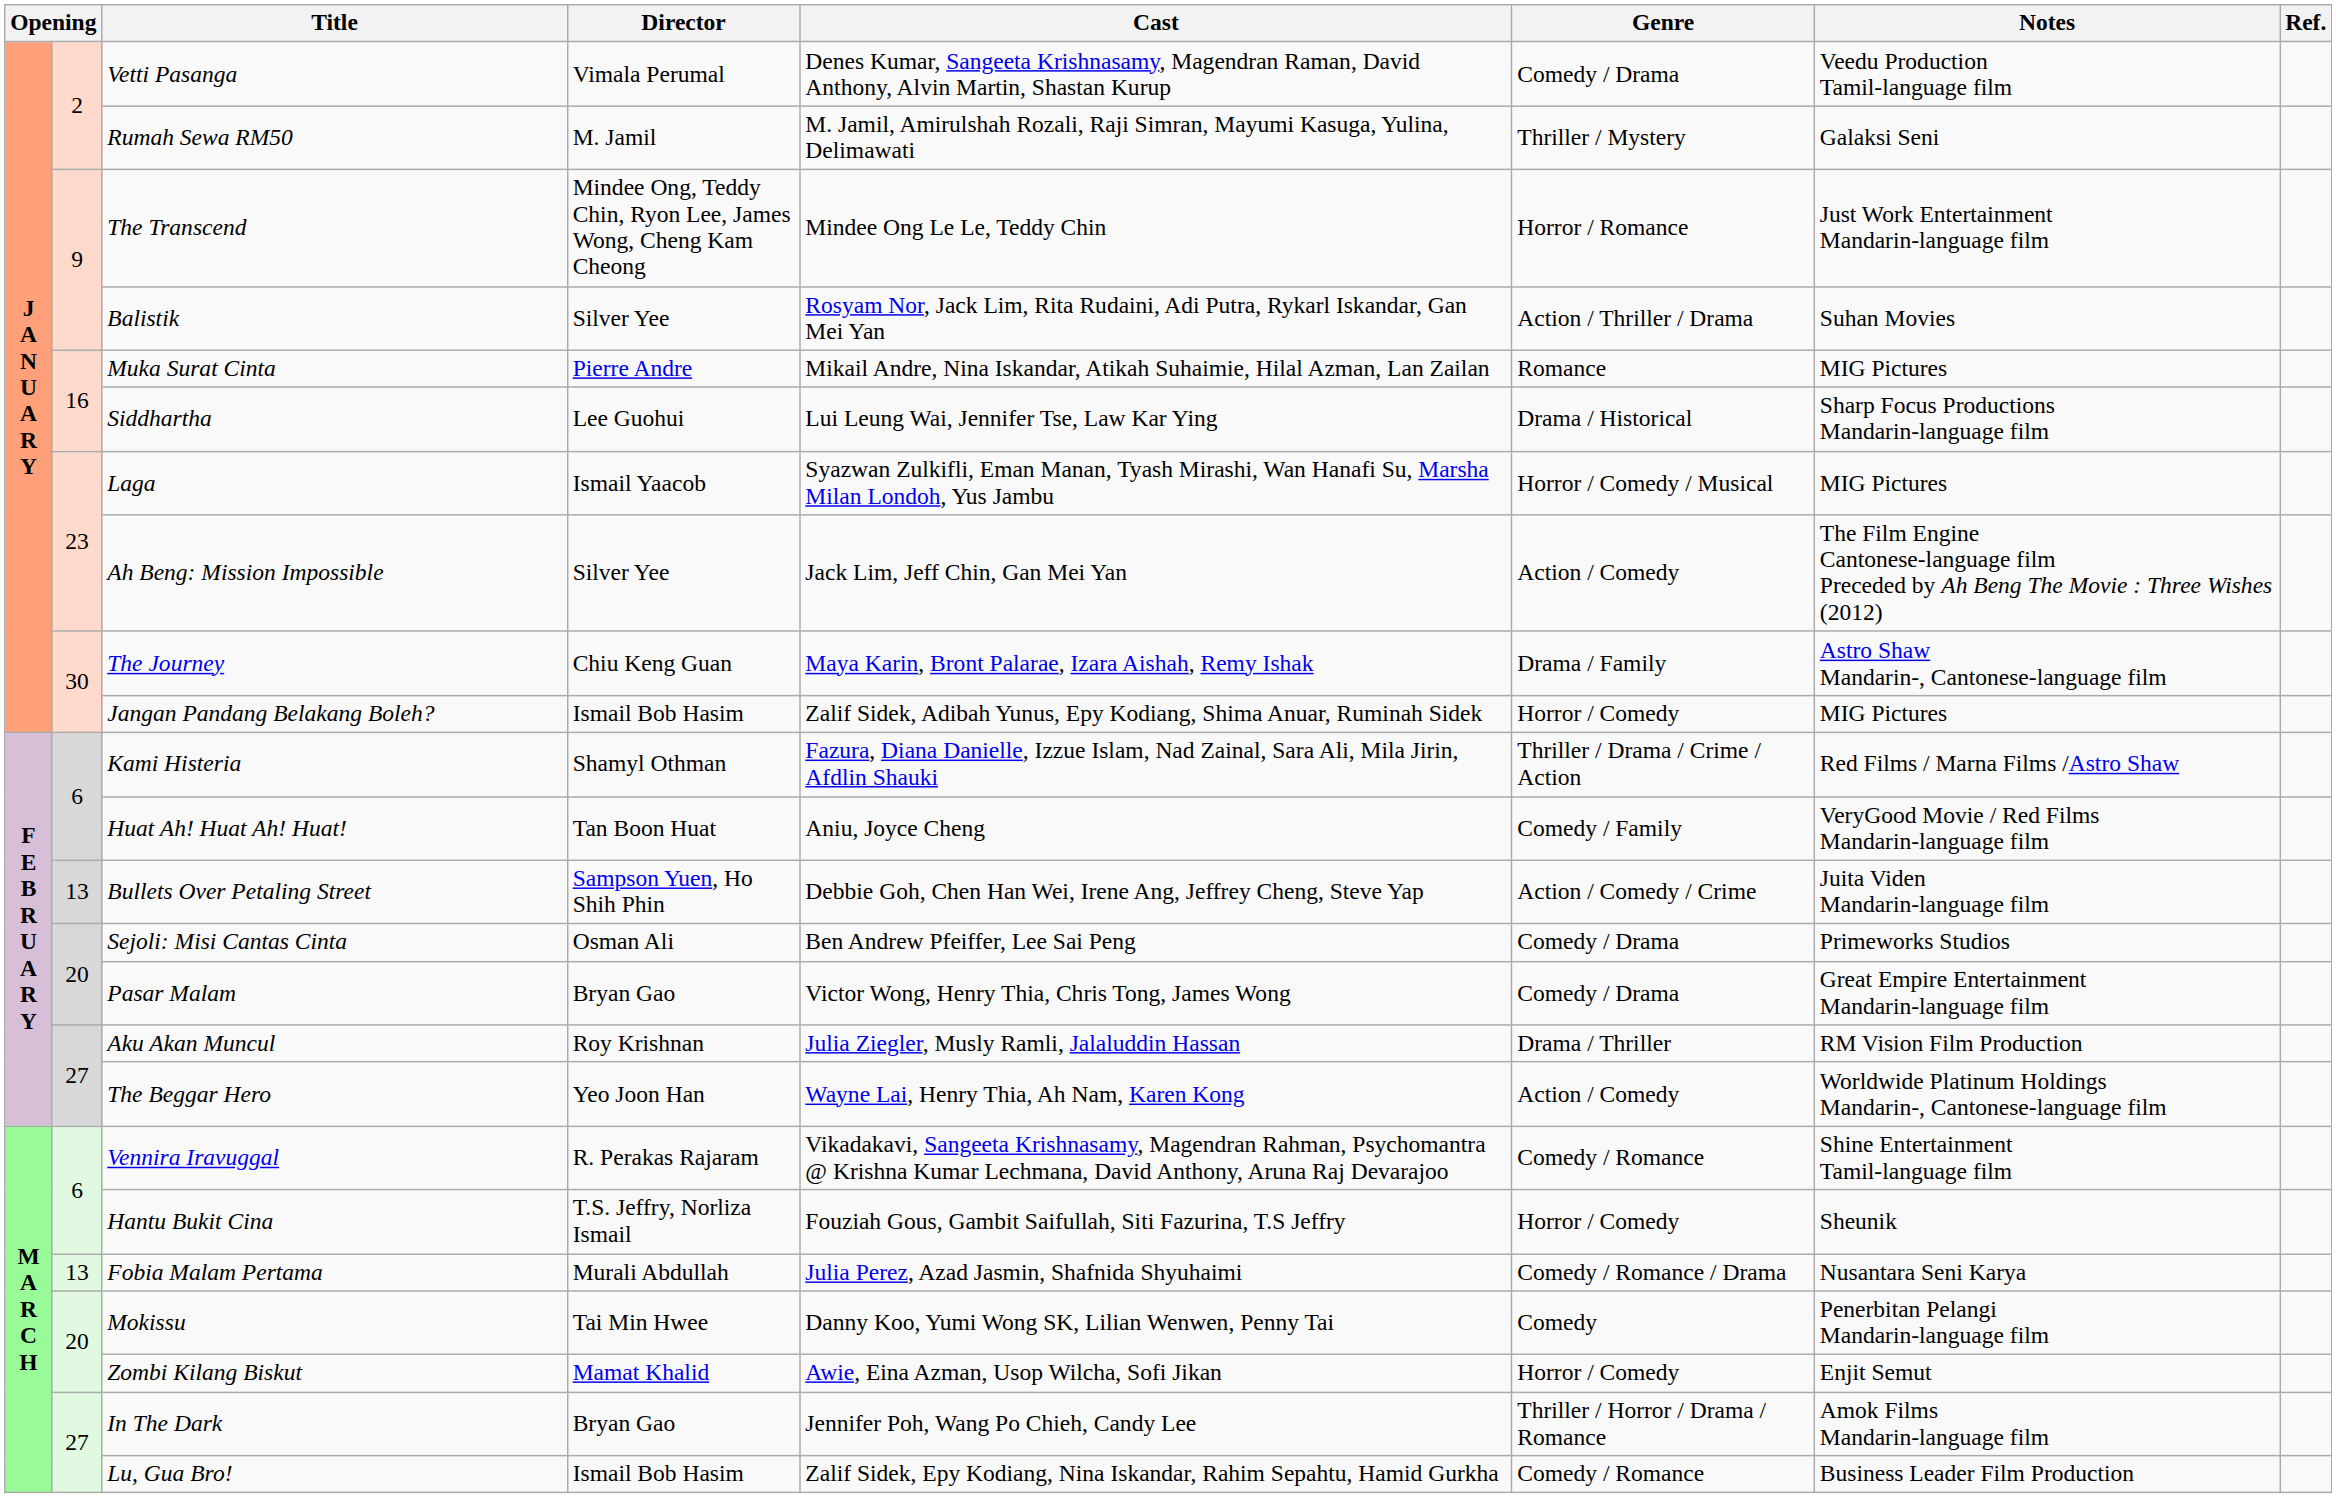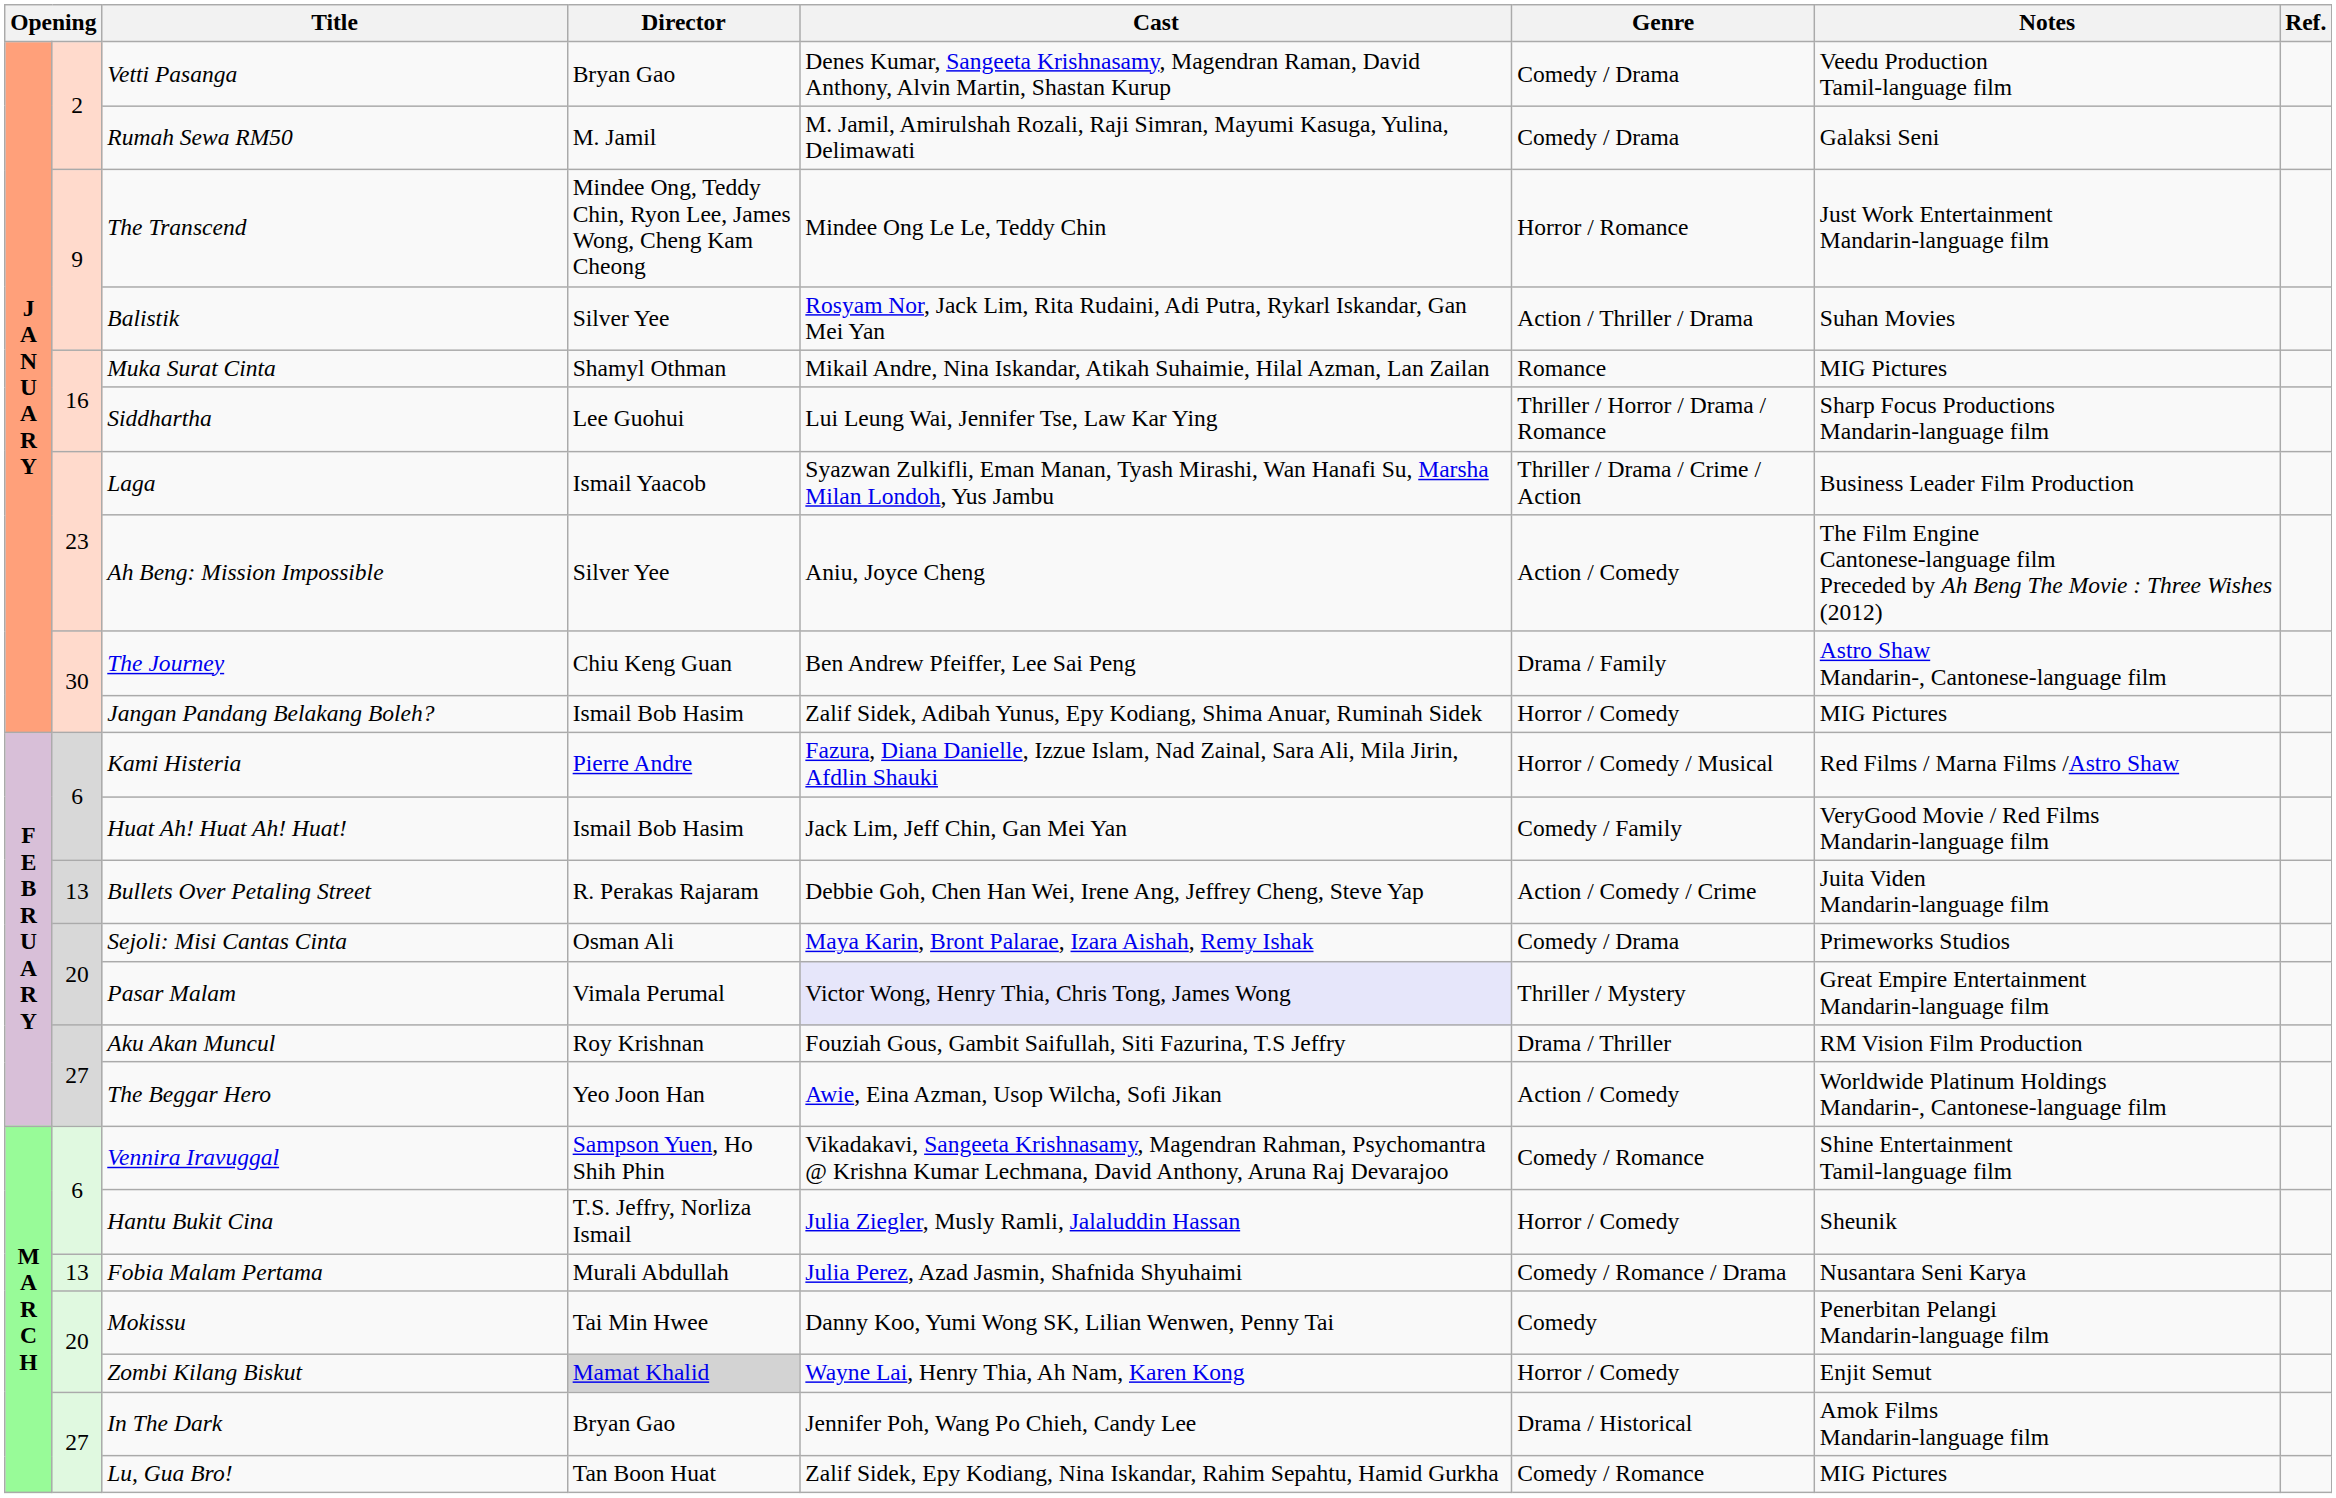 <table class="wikitable" width="100%">
 <tr>
 <th colspan="2">Opening</th>
 <th style="width:20%;">Title</th>
 <th style="width:10%;">Director</th>
 <th>Cast</th>
 <th style="width:13%">Genre</th>
 <th style="width:20%">Notes</th>
 <th>Ref.</th>
 </tr>
 <tr>
 <th rowspan=10 style="text-align:center; background:#ffa07a;">J<br>A<br>N<br>U<br>A<br>R<br>Y</th>
 <td rowspan=2 style="text-align:center; background:#ffdacc;">2</td>
 <td><em>Vetti Pasanga</em></td>
-<td>Vimala Perumal</td>
+<td>Bryan Gao</td>
 <td>Denes Kumar, <a href='#'>Sangeeta Krishnasamy</a>, Magendran Raman, David Anthony, Alvin Martin, Shastan Kurup</td>
 <td>Comedy / Drama</td>
 <td>Veedu Production<br>Tamil-language film</td>
 <td></td>
 </tr>
 <tr>
 <td><em>Rumah Sewa RM50</em></td>
 <td>M. Jamil</td>
 <td>M. Jamil, Amirulshah Rozali, Raji Simran, Mayumi Kasuga, Yulina, Delimawati</td>
-<td>Thriller / Mystery</td>
+<td>Comedy / Drama</td>
 <td>Galaksi Seni</td>
 <td></td>
 </tr>
 <tr>
 <td rowspan=2 style="text-align:center; background:#ffdacc;">9</td>
 <td><em>The Transcend</em></td>
 <td>Mindee Ong, Teddy Chin, Ryon Lee, James Wong, Cheng Kam Cheong</td>
 <td>Mindee Ong Le Le, Teddy Chin</td>
 <td>Horror / Romance</td>
 <td>Just Work Entertainment<br>Mandarin-language film</td>
 <td></td>
 </tr>
 <tr>
 <td><em>Balistik</em></td>
 <td>Silver Yee</td>
 <td><a href='#'>Rosyam Nor</a>, Jack Lim, Rita Rudaini, Adi Putra, Rykarl Iskandar, Gan Mei Yan</td>
 <td>Action / Thriller / Drama</td>
 <td>Suhan Movies</td>
 <td></td>
 </tr>
 <tr>
 <td rowspan=2 style="text-align:center; background:#ffdacc;">16</td>
 <td><em>Muka Surat Cinta</em></td>
-<td><a href='#'>Pierre Andre</a></td>
+<td>Shamyl Othman</td>
 <td>Mikail Andre, Nina Iskandar, Atikah Suhaimie, Hilal Azman, Lan Zailan</td>
 <td>Romance</td>
 <td>MIG Pictures</td>
 <td></td>
 </tr>
 <tr>
 <td><em>Siddhartha</em></td>
 <td>Lee Guohui</td>
 <td>Lui Leung Wai, Jennifer Tse, Law Kar Ying</td>
-<td>Drama / Historical</td>
+<td>Thriller / Horror / Drama / Romance</td>
 <td>Sharp Focus Productions<br>Mandarin-language film</td>
 <td></td>
 </tr>
 <tr>
 <td rowspan=2 style="text-align:center; background:#ffdacc;">23</td>
 <td><em>Laga</em></td>
 <td>Ismail Yaacob</td>
 <td>Syazwan Zulkifli, Eman Manan, Tyash Mirashi, Wan Hanafi Su, <a href='#'>Marsha Milan Londoh</a>, Yus Jambu</td>
-<td>Horror / Comedy / Musical</td>
-<td>MIG Pictures</td>
+<td>Thriller / Drama / Crime / Action</td>
+<td>Business Leader Film Production</td>
 <td></td>
 </tr>
 <tr>
 <td><em>Ah Beng: Mission Impossible</em></td>
 <td>Silver Yee</td>
-<td>Jack Lim, Jeff Chin, Gan Mei Yan</td>
+<td>Aniu, Joyce Cheng</td>
 <td>Action / Comedy</td>
 <td>The Film Engine<br>Cantonese-language film<br>Preceded by <em>Ah Beng The Movie : Three Wishes</em> (2012)</td>
 <td></td>
 </tr>
 <tr>
 <td rowspan=2 style="text-align:center; background:#ffdacc;">30</td>
 <td><em><a href='#'>The Journey</a></em></td>
 <td>Chiu Keng Guan</td>
-<td><a href='#'>Maya Karin</a>, <a href='#'>Bront Palarae</a>, <a href='#'>Izara Aishah</a>, <a href='#'>Remy Ishak</a></td>
+<td>Ben Andrew Pfeiffer, Lee Sai Peng</td>
 <td>Drama / Family</td>
 <td><a href='#'>Astro Shaw</a><br>Mandarin-, Cantonese-language film</td>
 <td></td>
 </tr>
 <tr>
 <td><em>Jangan Pandang Belakang Boleh?</em></td>
 <td>Ismail Bob Hasim</td>
 <td>Zalif Sidek, Adibah Yunus, Epy Kodiang, Shima Anuar, Ruminah Sidek</td>
 <td>Horror / Comedy</td>
 <td>MIG Pictures</td>
 <td></td>
 </tr>
 <tr>
 <th rowspan=7 style="text-align:center; background:thistle;">F<br>E<br>B<br>R<br>U<br>A<br>R<br>Y</th>
 <td rowspan=2 style="text-align:center; background:#d8d8d8;">6</td>
 <td><em>Kami Histeria</em></td>
-<td>Shamyl Othman</td>
+<td><a href='#'>Pierre Andre</a></td>
 <td><a href='#'>Fazura</a>, <a href='#'>Diana Danielle</a>, Izzue Islam, Nad Zainal, Sara Ali, Mila Jirin, <a href='#'>Afdlin Shauki</a></td>
-<td>Thriller / Drama / Crime / Action</td>
+<td>Horror / Comedy / Musical</td>
 <td>Red Films / Marna Films /<a href='#'>Astro Shaw</a></td>
 <td></td>
 </tr>
 <tr>
 <td><em>Huat Ah! Huat Ah! Huat!</em></td>
-<td>Tan Boon Huat</td>
-<td>Aniu, Joyce Cheng</td>
+<td>Ismail Bob Hasim</td>
+<td>Jack Lim, Jeff Chin, Gan Mei Yan</td>
 <td>Comedy / Family</td>
 <td>VeryGood Movie / Red Films<br>Mandarin-language film</td>
 <td></td>
 </tr>
 <tr>
 <td rowspan=1 style="text-align:center; background:#d8d8d8;">13</td>
 <td><em>Bullets Over Petaling Street</em></td>
-<td><a href='#'>Sampson Yuen</a>, Ho Shih Phin</td>
+<td>R. Perakas Rajaram</td>
 <td>Debbie Goh, Chen Han Wei, Irene Ang, Jeffrey Cheng, Steve Yap</td>
 <td>Action / Comedy / Crime</td>
 <td>Juita Viden<br>Mandarin-language film</td>
 <td></td>
 </tr>
 <tr>
 <td rowspan=2 style="text-align:center; background:#d8d8d8;">20</td>
 <td><em>Sejoli: Misi Cantas Cinta</em></td>
 <td>Osman Ali</td>
-<td>Ben Andrew Pfeiffer, Lee Sai Peng</td>
+<td><a href='#'>Maya Karin</a>, <a href='#'>Bront Palarae</a>, <a href='#'>Izara Aishah</a>, <a href='#'>Remy Ishak</a></td>
 <td>Comedy / Drama</td>
 <td>Primeworks Studios</td>
 <td></td>
 </tr>
 <tr>
 <td><em>Pasar Malam</em></td>
-<td>Bryan Gao</td>
-<td>Victor Wong, Henry Thia, Chris Tong, James Wong</td>
-<td>Comedy / Drama</td>
+<td>Vimala Perumal</td>
+<td style="background: lavender;">Victor Wong, Henry Thia, Chris Tong, James Wong</td>
+<td>Thriller / Mystery</td>
 <td>Great Empire Entertainment<br>Mandarin-language film</td>
 <td></td>
 </tr>
 <tr>
 <td rowspan=2 style="text-align:center; background:#d8d8d8;">27</td>
 <td><em>Aku Akan Muncul</em></td>
 <td>Roy Krishnan</td>
-<td><a href='#'>Julia Ziegler</a>, Musly Ramli, <a href='#'>Jalaluddin Hassan</a></td>
+<td>Fouziah Gous, Gambit Saifullah, Siti Fazurina, T.S Jeffry</td>
 <td>Drama / Thriller</td>
 <td>RM Vision Film Production</td>
 <td></td>
 </tr>
 <tr>
 <td><em>The Beggar Hero</em></td>
 <td>Yeo Joon Han</td>
-<td><a href='#'>Wayne Lai</a>, Henry Thia, Ah Nam, <a href='#'>Karen Kong</a></td>
+<td><a href='#'>Awie</a>, Eina Azman, Usop Wilcha, Sofi Jikan</td>
 <td>Action / Comedy</td>
 <td>Worldwide Platinum Holdings<br>Mandarin-, Cantonese-language film</td>
 <td></td>
 </tr>
 <tr>
 <th rowspan=7 style="text-align:center; background:#98fb98;">M<br>A<br>R<br>C<br>H</th>
 <td rowspan=2 style="text-align:center; background:#e0f9e0;">6</td>
 <td><em><a href='#'>Vennira Iravuggal</a></em></td>
-<td>R. Perakas Rajaram</td>
+<td><a href='#'>Sampson Yuen</a>, Ho Shih Phin</td>
 <td>Vikadakavi, <a href='#'>Sangeeta Krishnasamy</a>, Magendran Rahman, Psychomantra @ Krishna Kumar Lechmana, David Anthony, Aruna Raj Devarajoo</td>
 <td>Comedy / Romance</td>
 <td>Shine Entertainment<br>Tamil-language film</td>
 <td></td>
 </tr>
 <tr>
 <td><em>Hantu Bukit Cina</em></td>
 <td>T.S. Jeffry, Norliza Ismail</td>
-<td>Fouziah Gous, Gambit Saifullah, Siti Fazurina, T.S Jeffry</td>
+<td><a href='#'>Julia Ziegler</a>, Musly Ramli, <a href='#'>Jalaluddin Hassan</a></td>
 <td>Horror / Comedy</td>
 <td>Sheunik</td>
 <td></td>
 </tr>
 <tr>
 <td rowspan=1 style="text-align:center; background:#e0f9e0;">13</td>
 <td><em>Fobia Malam Pertama</em></td>
 <td>Murali Abdullah</td>
 <td><a href='#'>Julia Perez</a>, Azad Jasmin, Shafnida Shyuhaimi</td>
 <td>Comedy / Romance / Drama</td>
 <td>Nusantara Seni Karya</td>
 <td></td>
 </tr>
 <tr>
 <td rowspan=2 style="text-align:center; background:#e0f9e0;">20</td>
 <td><em>Mokissu</em></td>
 <td>Tai Min Hwee</td>
 <td>Danny Koo, Yumi Wong SK, Lilian Wenwen, Penny Tai</td>
 <td>Comedy</td>
 <td>Penerbitan Pelangi<br>Mandarin-language film</td>
 <td></td>
 </tr>
 <tr>
 <td><em>Zombi Kilang Biskut</em></td>
-<td><a href='#'>Mamat Khalid</a></td>
-<td><a href='#'>Awie</a>, Eina Azman, Usop Wilcha, Sofi Jikan</td>
+<td style="background: lightgrey;"><a href='#'>Mamat Khalid</a></td>
+<td><a href='#'>Wayne Lai</a>, Henry Thia, Ah Nam, <a href='#'>Karen Kong</a></td>
 <td>Horror / Comedy</td>
 <td>Enjit Semut</td>
 <td></td>
 </tr>
 <tr>
 <td rowspan=2 style="text-align:center; background:#e0f9e0;">27</td>
 <td><em>In The Dark</em></td>
 <td>Bryan Gao</td>
 <td>Jennifer Poh, Wang Po Chieh, Candy Lee</td>
-<td>Thriller / Horror / Drama / Romance</td>
+<td>Drama / Historical</td>
 <td>Amok Films<br>Mandarin-language film</td>
 <td></td>
 </tr>
 <tr>
 <td><em>Lu, Gua Bro!</em></td>
-<td>Ismail Bob Hasim</td>
+<td>Tan Boon Huat</td>
 <td>Zalif Sidek, Epy Kodiang, Nina Iskandar, Rahim Sepahtu, Hamid Gurkha</td>
 <td>Comedy / Romance</td>
-<td>Business Leader Film Production</td>
+<td>MIG Pictures</td>
 <td></td>
 </tr>
 </table>
